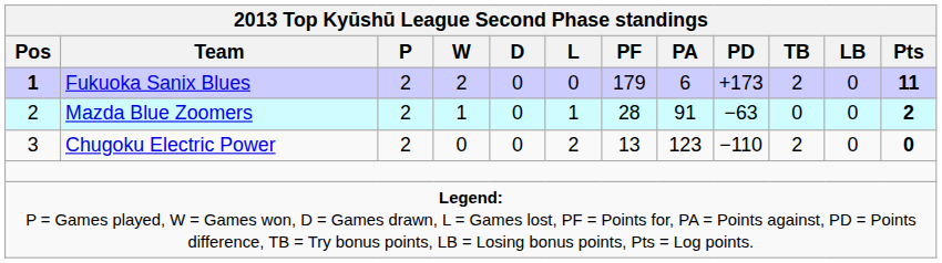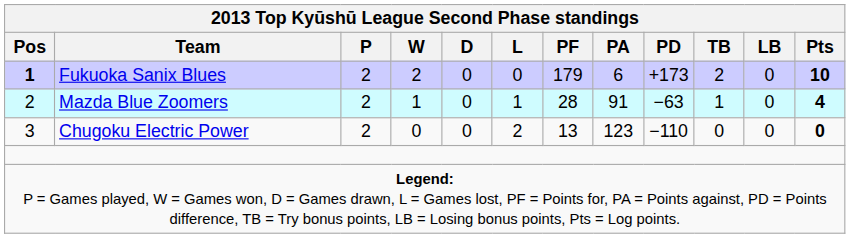 <table class="wikitable" style="text-align:center; font-size:100%; width:60%;">
 <tr>
 <th colspan="100%" cellpadding="0" cellspacing="0"><strong>2013 Top Kyūshū League Second Phase standings</strong></th>
 </tr>
 <tr>
 <th style="width:6%;">Pos</th>
 <th style="width:34%;">Team</th>
 <th style="width:6%;">P</th>
 <th style="width:6%;">W</th>
 <th style="width:6%;">D</th>
 <th style="width:6%;">L</th>
 <th style="width:6%;">PF</th>
 <th style="width:6%;">PA</th>
 <th style="width:6%;">PD</th>
 <th style="width:6%;">TB</th>
 <th style="width:6%;">LB</th>
 <th style="width:6%;">Pts<br></th>
 </tr>
 <tr style="background:#CCCCFF;">
 <td><strong>1</strong></td>
 <td style="text-align:left;"><a href='#'>Fukuoka Sanix Blues</a></td>
 <td>2</td>
 <td>2</td>
 <td>0</td>
 <td>0</td>
 <td>179</td>
 <td>6</td>
 <td>+173</td>
 <td>2</td>
 <td>0</td>
-<td><strong>11</strong></td>
+<td><strong>10</strong></td>
 </tr>
 <tr style="background:#CFFCFF;">
 <td>2</td>
 <td style="text-align:left;"><a href='#'>Mazda Blue Zoomers</a></td>
 <td>2</td>
 <td>1</td>
 <td>0</td>
 <td>1</td>
 <td>28</td>
 <td>91</td>
 <td>−63</td>
+<td>1</td>
 <td>0</td>
-<td>0</td>
-<td><strong>2</strong></td>
+<td><strong>4</strong></td>
 </tr>
 <tr>
 <td>3</td>
 <td style="text-align:left;"><a href='#'>Chugoku Electric Power</a></td>
 <td>2</td>
 <td>0</td>
 <td>0</td>
 <td>2</td>
 <td>13</td>
 <td>123</td>
 <td>−110</td>
-<td>2</td>
+<td>0</td>
 <td>0</td>
 <td><strong>0</strong></td>
 </tr>
 <tr>
 <td colspan="100%" style="height:10px;"></td>
 </tr>
 <tr>
 <td colspan="100%"><small><strong>Legend:</strong> <br> P = Games played, W = Games won, D = Games drawn, L = Games lost, PF = Points for, PA = Points against, PD = Points difference, TB = Try bonus points, LB = Losing bonus points, Pts = Log points.</small></td>
 </tr>
 </table>
